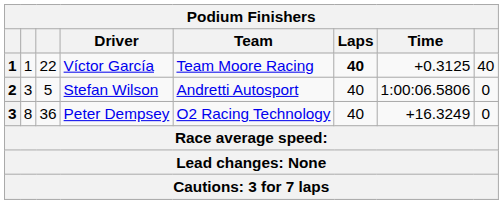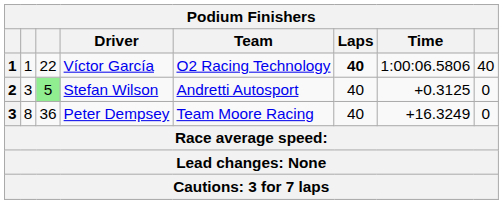 <table class="wikitable" style="font-size:95%;">
 <tr>
 <th colspan=9>Podium Finishers</th>
 </tr>
 <tr>
 <th></th>
 <th></th>
 <th></th>
 <th>Driver</th>
 <th>Team</th>
 <th>Laps</th>
 <th>Time</th>
 <th></th>
 </tr>
 <tr>
 <th>1</th>
 <td align=center>1</td>
 <td align=center>22</td>
 <td> <a href='#'>Víctor García</a></td>
-<td><a href='#'>Team Moore Racing</a></td>
+<td><a href='#'>O2 Racing Technology</a></td>
 <td align=center><strong>40</strong></td>
-<td align=right>+0.3125</td>
+<td align=right>1:00:06.5806</td>
 <td align=center>40</td>
 </tr>
 <tr>
 <th>2</th>
 <td align=center>3</td>
-<td align=center>5</td>
+<td align=center style="background: lightgreen;">5</td>
 <td> <a href='#'>Stefan Wilson</a></td>
 <td><a href='#'>Andretti Autosport</a></td>
 <td align=center>40</td>
-<td align=right>1:00:06.5806</td>
+<td align=right>+0.3125</td>
 <td align=center>0</td>
 </tr>
 <tr>
 <th>3</th>
 <td align=center>8</td>
 <td align=center>36</td>
 <td> <a href='#'>Peter Dempsey</a></td>
-<td><a href='#'>O2 Racing Technology</a></td>
+<td><a href='#'>Team Moore Racing</a></td>
 <td align=center>40</td>
 <td align=right>+16.3249</td>
 <td align=center>0</td>
 </tr>
 <tr>
 <th colspan=9>Race average speed: </th>
 </tr>
 <tr>
 <th colspan=9>Lead changes: None</th>
 </tr>
 <tr>
 <th colspan=9>Cautions: 3 for 7 laps</th>
 </tr>
 </table>
